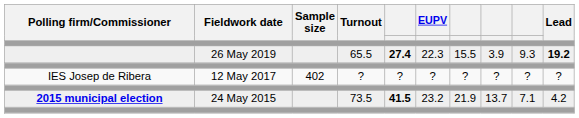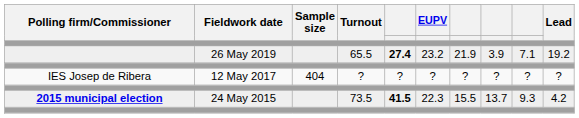 <table class="wikitable collapsible collapsed" style="text-align:center; font-size:95%; line-height:16px;">
 <tr style="height:42px;">
 <th style="width:250px;" rowspan="2">Polling firm/Commissioner</th>
 <th style="width:125px;" rowspan="2">Fieldwork date</th>
 <th style="width:50px;" rowspan="2">Sample size</th>
 <th style="width:45px;" rowspan="2">Turnout</th>
 <th style="width:35px;"></th>
 <th style="width:35px; font-size:95%;"><a href='#'>EUPV</a></th>
 <th style="width:35px;"></th>
 <th style="width:35px;"></th>
 <th style="width:35px;"></th>
 <th style="width:30px;" rowspan="2">Lead</th>
 </tr>
 <tr>
 <th style="color:inherit;background:"></th>
 <th style="color:inherit;background:"></th>
 <th style="color:inherit;background:"></th>
 <th style="color:inherit;background:"></th>
 <th style="color:inherit;background:"></th>
 </tr>
 <tr>
 <td colspan="11" style="background:#A0A0A0"></td>
 </tr>
 <tr style="background:#EFEFEF;">
 <td><strong></strong></td>
 <td>26 May 2019</td>
 <td></td>
 <td>65.5</td>
 <td><strong>27.4</strong><br></td>
-<td>22.3<br></td>
-<td>15.5<br></td>
+<td>23.2<br></td>
+<td>21.9<br></td>
 <td>3.9<br></td>
-<td>9.3<br></td>
-<td style="background:"><strong>19.2</strong></td>
+<td>7.1<br></td>
+<td style="background:">19.2</td>
 </tr>
 <tr>
 <td colspan="11" style="background:#A0A0A0"></td>
 </tr>
 <tr>
 <td>IES Josep de Ribera</td>
 <td>12 May 2017</td>
-<td>402</td>
+<td>404</td>
 <td>?</td>
 <td>?<br></td>
 <td>?<br></td>
 <td>?<br></td>
 <td>?<br></td>
 <td>?<br></td>
 <td style="background:">?</td>
 </tr>
 <tr>
 <td colspan="11" style="background:#A0A0A0"></td>
 </tr>
 <tr style="background:#EFEFEF;">
 <td><strong><a href='#'>2015 municipal election</a></strong></td>
 <td>24 May 2015</td>
 <td></td>
 <td>73.5</td>
 <td><strong>41.5</strong><br></td>
-<td>23.2<br></td>
-<td>21.9<br></td>
+<td>22.3<br></td>
+<td>15.5<br></td>
 <td>13.7<br></td>
-<td>7.1<br></td>
+<td>9.3<br></td>
 <td style="background:">4.2</td>
 </tr>
 <tr>
 <td colspan="11" style="background:#A0A0A0"></td>
 </tr>
 </table>
